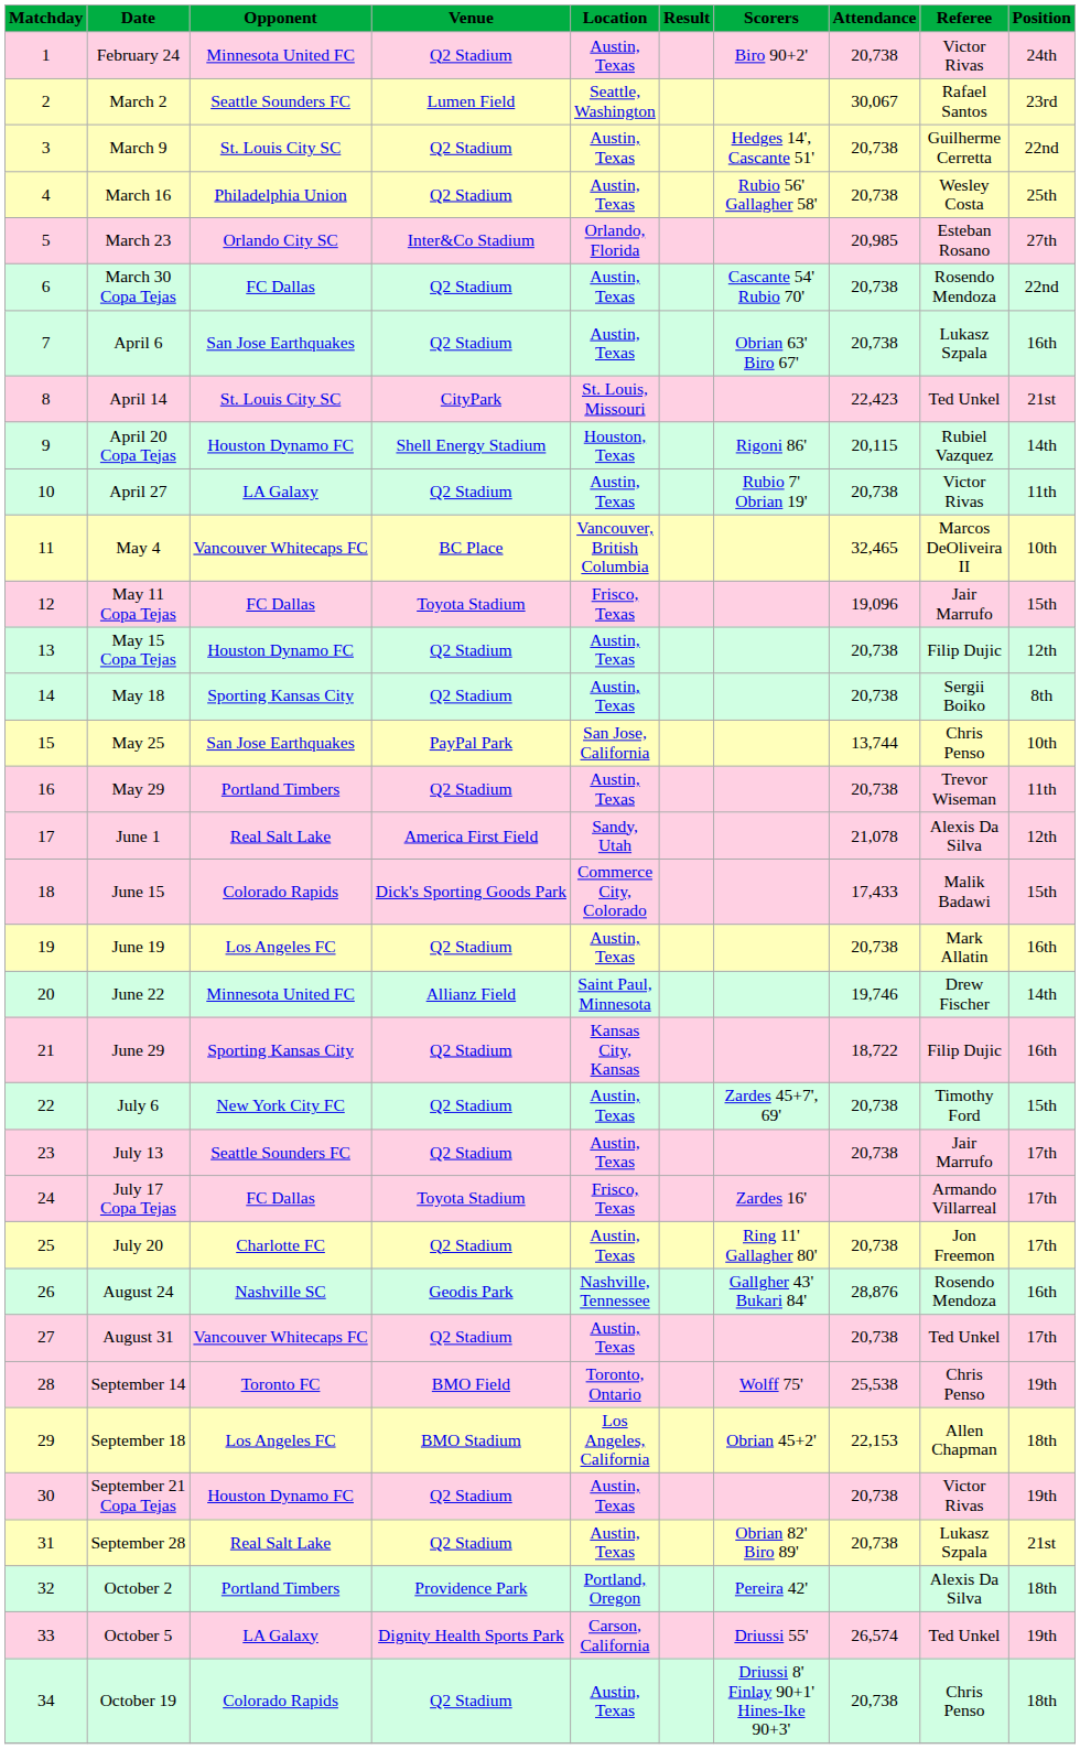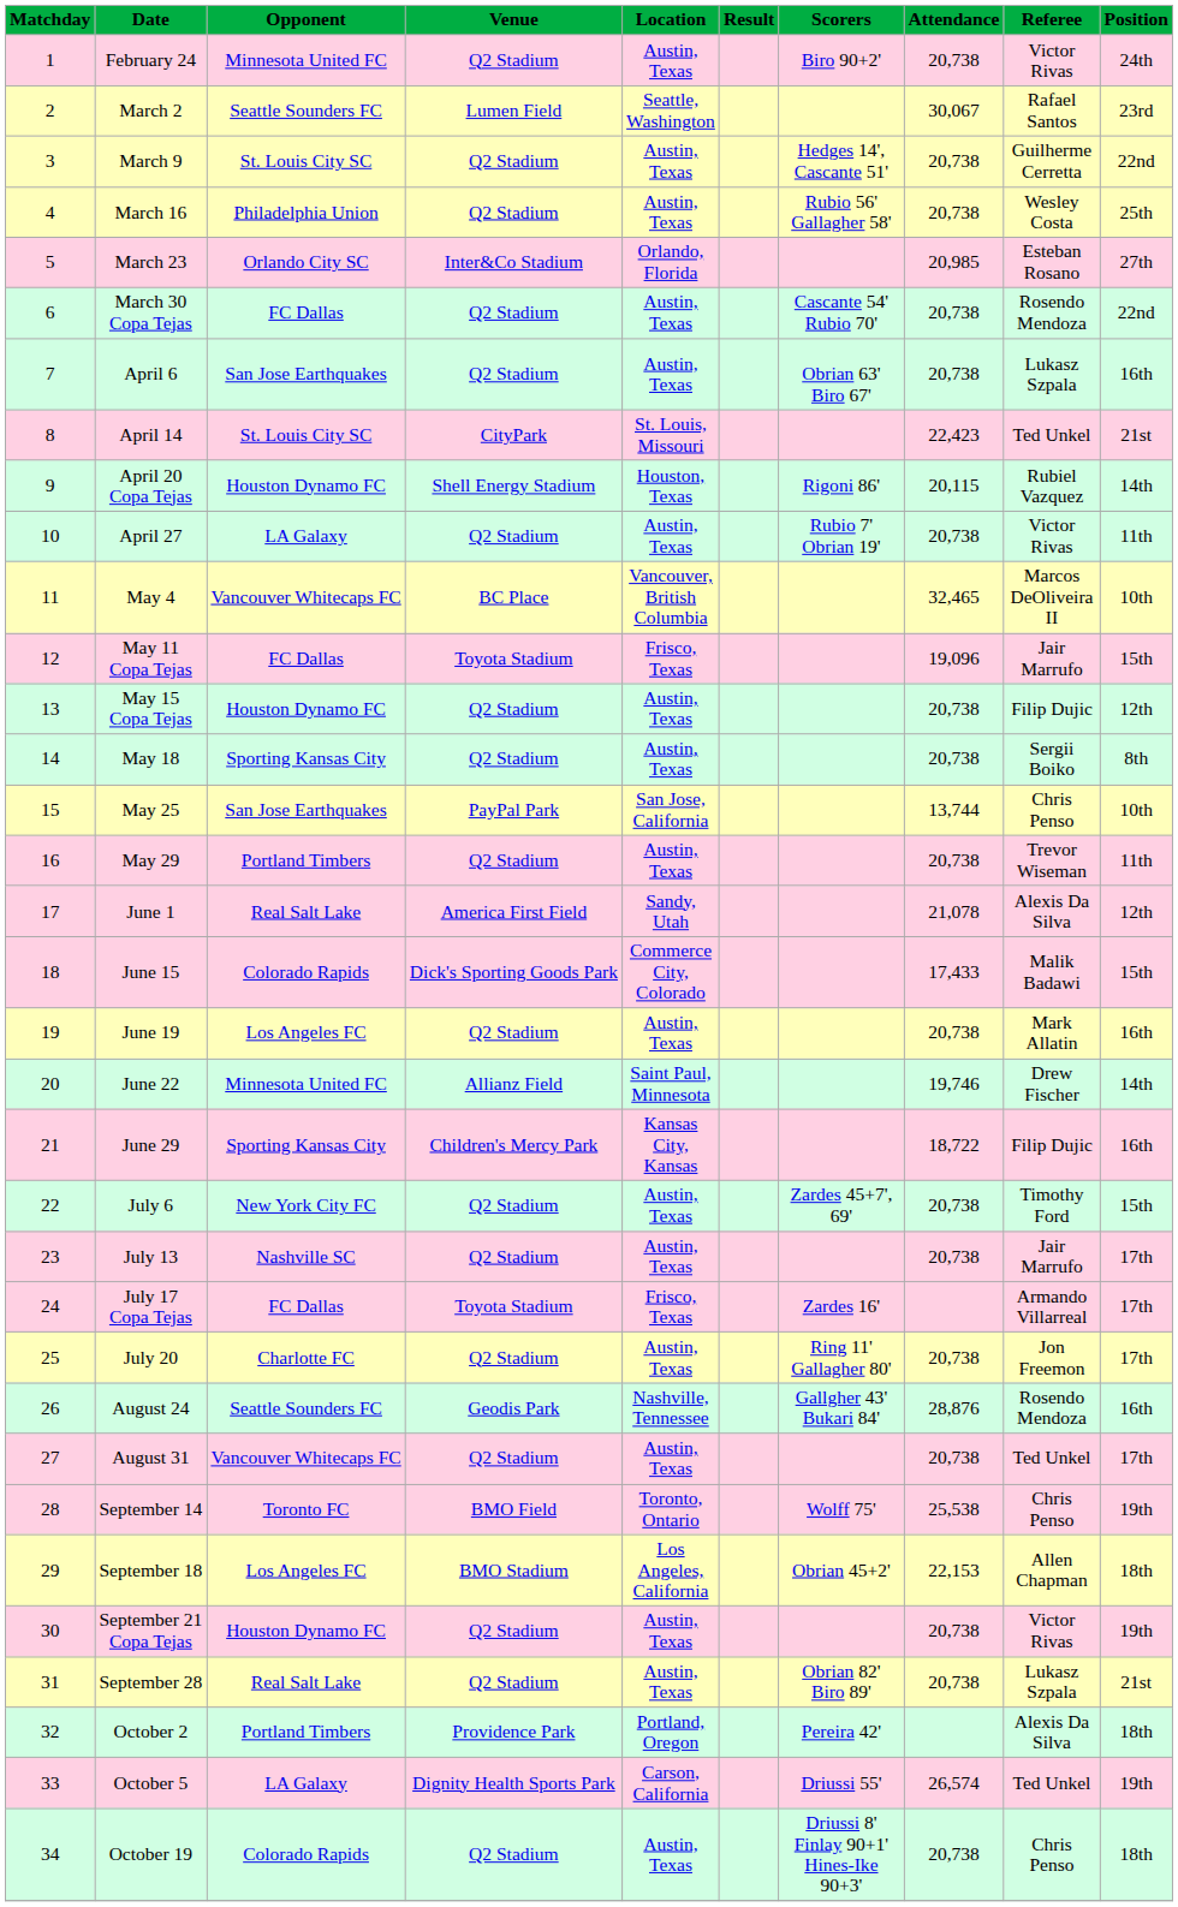 <table class="wikitable" style="text-align:center">
 <tr>
 <th style="background:#00AE42; color:black;">Matchday</th>
 <th style="background:#00AE42; color:black;">Date</th>
 <th style="background:#00AE42; color:black;">Opponent</th>
 <th style="background:#00AE42; color:black;">Venue</th>
 <th style="background:#00AE42; color:black; width:75px">Location</th>
 <th style="background:#00AE42; color:black;">Result</th>
 <th style="background:#00AE42; color:black; width:100px">Scorers</th>
 <th style="background:#00AE42; color:black;">Attendance</th>
 <th style="background:#00AE42; color:black; width:75px">Referee</th>
 <th style="background:#00AE42; color:black;">Position</th>
 </tr>
 <tr bgcolor = "#ffd0e3">
 <td>1</td>
 <td>February 24</td>
 <td align="center"><a href='#'>Minnesota United FC</a></td>
 <td><a href='#'>Q2 Stadium</a></td>
 <td><a href='#'>Austin, Texas</a></td>
 <td></td>
 <td><a href='#'>Biro</a> 90+2'</td>
 <td>20,738</td>
 <td align="center">Victor Rivas</td>
 <td>24th</td>
 </tr>
 <tr bgcolor = "#ffffbb">
 <td>2</td>
 <td>March 2</td>
 <td align="center"><a href='#'>Seattle Sounders FC</a></td>
 <td><a href='#'>Lumen Field</a></td>
 <td><a href='#'>Seattle, Washington</a></td>
 <td></td>
 <td></td>
 <td>30,067</td>
 <td align="center">Rafael Santos</td>
 <td>23rd</td>
 </tr>
 <tr bgcolor = "#ffffbb">
 <td>3</td>
 <td>March 9</td>
 <td align="center"><a href='#'>St. Louis City SC</a></td>
 <td><a href='#'>Q2 Stadium</a></td>
 <td><a href='#'>Austin, Texas</a></td>
 <td></td>
 <td><a href='#'>Hedges</a> 14',<br> <a href='#'>Cascante</a> 51'</td>
 <td>20,738</td>
 <td align="center">Guilherme Cerretta</td>
 <td>22nd</td>
 </tr>
 <tr bgcolor = "#ffffbb">
 <td>4</td>
 <td>March 16</td>
 <td align="center"><a href='#'>Philadelphia Union</a></td>
 <td><a href='#'>Q2 Stadium</a></td>
 <td><a href='#'>Austin, Texas</a></td>
 <td></td>
 <td><a href='#'>Rubio</a> 56'<br> <a href='#'>Gallagher</a> 58'</td>
 <td>20,738</td>
 <td align="center">Wesley Costa</td>
 <td>25th</td>
 </tr>
 <tr bgcolor = "ffd0e3">
 <td>5</td>
 <td>March 23</td>
 <td align="center"><a href='#'>Orlando City SC</a></td>
 <td><a href='#'>Inter&Co Stadium</a></td>
 <td><a href='#'>Orlando, Florida</a></td>
 <td></td>
 <td></td>
 <td>20,985</td>
 <td align="center">Esteban Rosano</td>
 <td>27th</td>
 </tr>
 <tr bgcolor = d0ffe3>
 <td>6</td>
 <td>March 30<br><a href='#'>Copa Tejas</a></td>
 <td align="center"><a href='#'>FC Dallas</a></td>
 <td><a href='#'>Q2 Stadium</a></td>
 <td><a href='#'>Austin, Texas</a></td>
 <td></td>
 <td><a href='#'>Cascante</a> 54'<br><a href='#'>Rubio</a> 70'</td>
 <td>20,738</td>
 <td align="center">Rosendo Mendoza</td>
 <td>22nd</td>
 </tr>
 <tr bgcolor = d0ffe3>
 <td>7</td>
 <td>April 6</td>
 <td align="center"><a href='#'>San Jose Earthquakes</a></td>
 <td><a href='#'>Q2 Stadium</a></td>
 <td><a href='#'>Austin, Texas</a></td>
 <td></td>
 <td><br><a href='#'>Obrian</a> 63'<br><a href='#'>Biro</a> 67'</td>
 <td>20,738</td>
 <td align="center">Lukasz Szpala</td>
 <td>16th</td>
 </tr>
 <tr bgcolor = ffd0e3>
 <td>8</td>
 <td>April 14</td>
 <td align="center"><a href='#'>St. Louis City SC</a></td>
 <td><a href='#'>CityPark</a></td>
 <td><a href='#'>St. Louis, Missouri</a></td>
 <td></td>
 <td></td>
 <td>22,423</td>
 <td align="center">Ted Unkel</td>
 <td>21st</td>
 </tr>
 <tr bgcolor = d0ffe3>
 <td>9</td>
 <td>April 20<br><a href='#'>Copa Tejas</a></td>
 <td align="center"><a href='#'>Houston Dynamo FC</a></td>
 <td><a href='#'>Shell Energy Stadium</a></td>
 <td><a href='#'>Houston, Texas</a></td>
 <td></td>
 <td><a href='#'>Rigoni</a> 86'</td>
 <td>20,115</td>
 <td align="center">Rubiel Vazquez</td>
 <td>14th</td>
 </tr>
 <tr bgcolor = d0ffe3>
 <td>10</td>
 <td>April 27</td>
 <td align="center"><a href='#'>LA Galaxy</a></td>
 <td><a href='#'>Q2 Stadium</a></td>
 <td><a href='#'>Austin, Texas</a></td>
 <td></td>
 <td><a href='#'>Rubio</a> 7'<br><a href='#'>Obrian</a> 19'</td>
 <td>20,738</td>
 <td align="center">Victor Rivas</td>
 <td>11th</td>
 </tr>
 <tr bgcolor = "#ffffbb">
 <td>11</td>
 <td>May 4</td>
 <td align="center"><a href='#'>Vancouver Whitecaps FC</a></td>
 <td><a href='#'>BC Place</a></td>
 <td><a href='#'>Vancouver, British Columbia</a></td>
 <td></td>
 <td></td>
 <td>32,465</td>
 <td align="center">Marcos DeOliveira II</td>
 <td>10th</td>
 </tr>
 <tr bgcolor = ffd0e3>
 <td>12</td>
 <td>May 11<br><a href='#'>Copa Tejas</a></td>
 <td align="center"><a href='#'>FC Dallas</a></td>
 <td><a href='#'>Toyota Stadium</a></td>
 <td><a href='#'>Frisco, Texas</a></td>
 <td></td>
 <td></td>
 <td>19,096</td>
 <td align="center">Jair Marrufo</td>
 <td>15th</td>
 </tr>
 <tr bgcolor = d0ffe3>
 <td>13</td>
 <td>May 15<br><a href='#'>Copa Tejas</a></td>
 <td align="center"><a href='#'>Houston Dynamo FC</a></td>
 <td><a href='#'>Q2 Stadium</a></td>
 <td><a href='#'>Austin, Texas</a></td>
 <td></td>
 <td></td>
 <td>20,738</td>
 <td align="center">Filip Dujic</td>
 <td>12th</td>
 </tr>
 <tr bgcolor = d0ffe3>
 <td>14</td>
 <td>May 18</td>
 <td align="center"><a href='#'>Sporting Kansas City</a></td>
 <td><a href='#'>Q2 Stadium</a></td>
 <td><a href='#'>Austin, Texas</a></td>
 <td></td>
 <td></td>
 <td>20,738</td>
 <td align="center">Sergii Boiko</td>
 <td>8th</td>
 </tr>
 <tr bgcolor = "#ffffbb">
 <td>15</td>
 <td>May 25</td>
 <td align="center"><a href='#'>San Jose Earthquakes</a></td>
 <td><a href='#'>PayPal Park</a></td>
 <td><a href='#'>San Jose, California</a></td>
 <td></td>
 <td></td>
 <td>13,744</td>
 <td align="center">Chris Penso</td>
 <td>10th</td>
 </tr>
 <tr bgcolor = ffd0e3>
 <td>16</td>
 <td>May 29</td>
 <td align="center"><a href='#'>Portland Timbers</a></td>
 <td><a href='#'>Q2 Stadium</a></td>
 <td><a href='#'>Austin, Texas</a></td>
 <td></td>
 <td></td>
 <td>20,738</td>
 <td align="center">Trevor Wiseman</td>
 <td>11th</td>
 </tr>
 <tr bgcolor = ffd0e3>
 <td>17</td>
 <td>June 1</td>
 <td align="center"><a href='#'>Real Salt Lake</a></td>
 <td><a href='#'>America First Field</a></td>
 <td><a href='#'>Sandy, Utah</a></td>
 <td></td>
 <td></td>
 <td>21,078</td>
 <td align="center">Alexis Da Silva</td>
 <td>12th</td>
 </tr>
 <tr bgcolor = ffd0e3>
 <td>18</td>
 <td>June 15</td>
 <td align="center"><a href='#'>Colorado Rapids</a></td>
 <td><a href='#'>Dick's Sporting Goods Park</a></td>
 <td><a href='#'>Commerce City, Colorado</a></td>
 <td></td>
 <td></td>
 <td>17,433</td>
 <td align="center">Malik Badawi</td>
 <td>15th</td>
 </tr>
 <tr bgcolor = "#ffffbb">
 <td>19</td>
 <td>June 19</td>
 <td align="center"><a href='#'>Los Angeles FC</a></td>
 <td><a href='#'>Q2 Stadium</a></td>
 <td><a href='#'>Austin, Texas</a></td>
 <td></td>
 <td></td>
 <td>20,738</td>
 <td align="center">Mark Allatin</td>
 <td>16th</td>
 </tr>
 <tr bgcolor = d0ffe3>
 <td>20</td>
 <td>June 22</td>
 <td align="center"><a href='#'>Minnesota United FC</a></td>
 <td><a href='#'>Allianz Field</a></td>
 <td><a href='#'>Saint Paul, Minnesota</a></td>
 <td></td>
 <td></td>
 <td>19,746</td>
 <td align="center">Drew Fischer</td>
 <td>14th</td>
 </tr>
 <tr bgcolor = ffd0e3>
 <td>21</td>
 <td>June 29</td>
 <td align="center"><a href='#'>Sporting Kansas City</a></td>
-<td><a href='#'>Q2 Stadium</a></td>
+<td><a href='#'>Children's Mercy Park</a></td>
 <td><a href='#'>Kansas City, Kansas</a></td>
 <td></td>
 <td></td>
 <td>18,722</td>
 <td align="center">Filip Dujic</td>
 <td>16th</td>
 </tr>
 <tr bgcolor = d0ffe3>
 <td>22</td>
 <td>July 6</td>
 <td align="center"><a href='#'>New York City FC</a></td>
 <td><a href='#'>Q2 Stadium</a></td>
 <td><a href='#'>Austin, Texas</a></td>
 <td></td>
 <td><a href='#'>Zardes</a> 45+7', 69'</td>
 <td>20,738</td>
 <td align="center">Timothy Ford</td>
 <td>15th</td>
 </tr>
 <tr bgcolor = "#ffd0e3">
 <td>23</td>
 <td>July 13</td>
-<td align="center"><a href='#'>Seattle Sounders FC</a></td>
+<td align="center"><a href='#'>Nashville SC</a></td>
 <td><a href='#'>Q2 Stadium</a></td>
 <td><a href='#'>Austin, Texas</a></td>
 <td></td>
 <td></td>
 <td>20,738</td>
 <td align="center">Jair Marrufo</td>
 <td>17th</td>
 </tr>
 <tr bgcolor = ffd0e3>
 <td>24</td>
 <td>July 17<br><a href='#'>Copa Tejas</a></td>
 <td align="center"><a href='#'>FC Dallas</a></td>
 <td><a href='#'>Toyota Stadium</a></td>
 <td><a href='#'>Frisco, Texas</a></td>
 <td></td>
 <td><a href='#'>Zardes</a> 16'</td>
 <td></td>
 <td align="center">Armando Villarreal</td>
 <td>17th</td>
 </tr>
 <tr bgcolor = ffffbb>
 <td>25</td>
 <td>July 20</td>
 <td align="center"><a href='#'>Charlotte FC</a></td>
 <td><a href='#'>Q2 Stadium</a></td>
 <td><a href='#'>Austin, Texas</a></td>
 <td></td>
 <td><a href='#'>Ring</a> 11'<br><a href='#'>Gallagher</a> 80'</td>
 <td>20,738</td>
 <td align="center">Jon Freemon</td>
 <td>17th</td>
 </tr>
 <tr bgcolor = d0ffe3>
 <td>26</td>
 <td>August 24</td>
-<td align="center"><a href='#'>Nashville SC</a></td>
+<td align="center"><a href='#'>Seattle Sounders FC</a></td>
 <td><a href='#'>Geodis Park</a></td>
 <td><a href='#'>Nashville, Tennessee</a></td>
 <td></td>
 <td><a href='#'>Gallgher</a> 43'<br><a href='#'>Bukari</a> 84'</td>
 <td>28,876</td>
 <td align="center">Rosendo Mendoza</td>
 <td>16th</td>
 </tr>
 <tr bgcolor = ffd0e3>
 <td>27</td>
 <td>August 31</td>
 <td align="center"><a href='#'>Vancouver Whitecaps FC</a></td>
 <td><a href='#'>Q2 Stadium</a></td>
 <td><a href='#'>Austin, Texas</a></td>
 <td></td>
 <td></td>
 <td>20,738</td>
 <td align="center">Ted Unkel</td>
 <td>17th</td>
 </tr>
 <tr bgcolor = ffd0e3>
 <td>28</td>
 <td>September 14</td>
 <td align="center"><a href='#'>Toronto FC</a></td>
 <td><a href='#'>BMO Field</a></td>
 <td><a href='#'>Toronto, Ontario</a></td>
 <td></td>
 <td><a href='#'>Wolff</a> 75'</td>
 <td>25,538</td>
 <td align="center">Chris Penso</td>
 <td>19th</td>
 </tr>
 <tr bgcolor = ffffbb>
 <td>29</td>
 <td>September 18</td>
 <td align="center"><a href='#'>Los Angeles FC</a></td>
 <td><a href='#'>BMO Stadium</a></td>
 <td><a href='#'>Los Angeles, California</a></td>
 <td></td>
 <td><a href='#'>Obrian</a> 45+2'</td>
 <td>22,153</td>
 <td align="center">Allen Chapman</td>
 <td>18th</td>
 </tr>
 <tr bgcolor = ffd0e3>
 <td>30</td>
 <td>September 21<br><a href='#'>Copa Tejas</a></td>
 <td align="center"><a href='#'>Houston Dynamo FC</a></td>
 <td><a href='#'>Q2 Stadium</a></td>
 <td><a href='#'>Austin, Texas</a></td>
 <td></td>
 <td></td>
 <td>20,738</td>
 <td align="center">Victor Rivas</td>
 <td>19th</td>
 </tr>
 <tr bgcolor = ffffbb>
 <td>31</td>
 <td>September 28</td>
 <td align="center"><a href='#'>Real Salt Lake</a></td>
 <td><a href='#'>Q2 Stadium</a></td>
 <td><a href='#'>Austin, Texas</a></td>
 <td></td>
 <td><a href='#'>Obrian</a> 82'<br><a href='#'>Biro</a> 89'</td>
 <td>20,738</td>
 <td align="center">Lukasz Szpala</td>
 <td>21st</td>
 </tr>
 <tr bgcolor = d0ffe3>
 <td>32</td>
 <td>October 2</td>
 <td align="center"><a href='#'>Portland Timbers</a></td>
 <td><a href='#'>Providence Park</a></td>
 <td><a href='#'>Portland, Oregon</a></td>
 <td></td>
 <td><a href='#'>Pereira</a> 42'</td>
 <td></td>
 <td align="center">Alexis Da Silva</td>
 <td>18th</td>
 </tr>
 <tr bgcolor = ffd0e3>
 <td>33</td>
 <td>October 5</td>
 <td align="center"><a href='#'>LA Galaxy</a></td>
 <td><a href='#'>Dignity Health Sports Park</a></td>
 <td><a href='#'>Carson, California</a></td>
 <td></td>
 <td><a href='#'>Driussi</a> 55'</td>
 <td>26,574</td>
 <td align="center">Ted Unkel</td>
 <td>19th</td>
 </tr>
 <tr bgcolor = d0ffe3>
 <td>34</td>
 <td>October 19</td>
 <td align="center"><a href='#'>Colorado Rapids</a></td>
 <td><a href='#'>Q2 Stadium</a></td>
 <td><a href='#'>Austin, Texas</a></td>
 <td></td>
 <td><a href='#'>Driussi</a> 8' <br><a href='#'>Finlay</a> 90+1'<br><a href='#'>Hines-Ike</a> 90+3'</td>
 <td>20,738</td>
 <td align="center">Chris Penso</td>
 <td>18th</td>
 </tr>
 <tr>
 </tr>
 </table>
